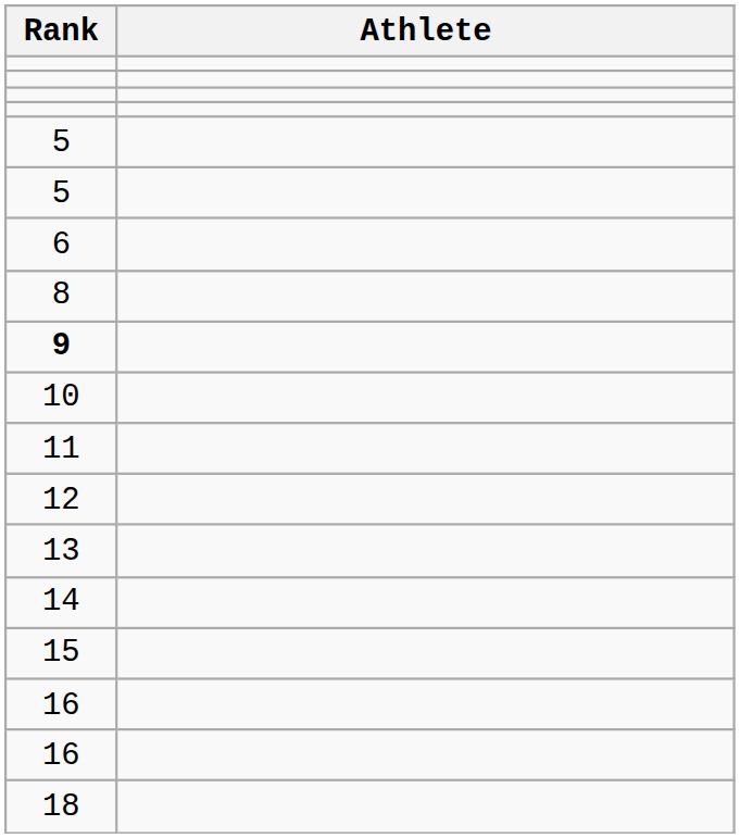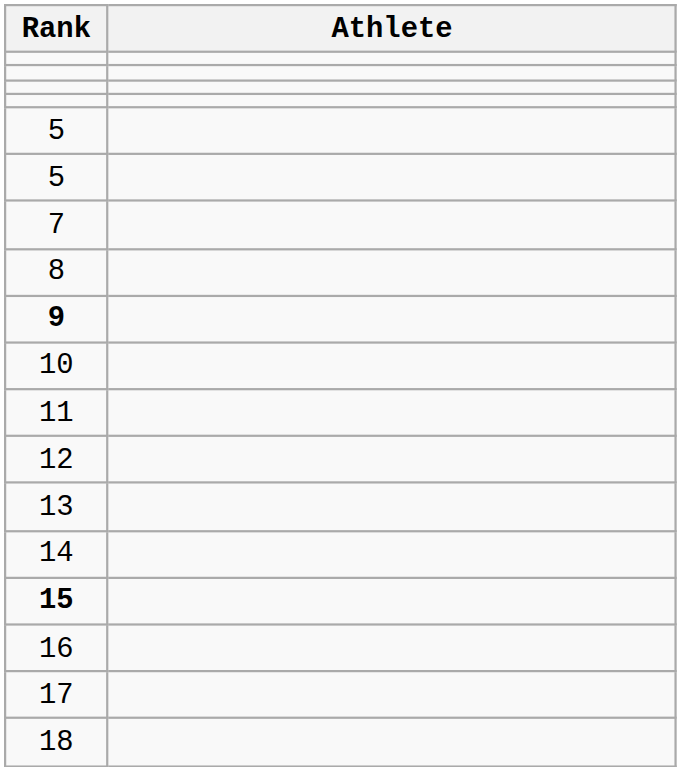 <table class="wikitable" style="text-align: center;">
 <tr>
 <th width=40>Rank</th>
 <th width=250>Athlete</th>
 </tr>
 <tr>
 <td></td>
 <td align="left"></td>
 </tr>
 <tr>
 <td></td>
 <td align="left"></td>
 </tr>
 <tr>
 <td></td>
 <td align="left"></td>
 </tr>
 <tr>
 <td></td>
 <td align="left"></td>
 </tr>
 <tr>
 <td>5</td>
 <td align="left"></td>
 </tr>
 <tr>
 <td>5</td>
 <td align="left"></td>
 </tr>
 <tr>
-<td>6</td>
+<td>7</td>
 <td align="left"></td>
 </tr>
 <tr>
 <td>8</td>
 <td align="left"></td>
 </tr>
 <tr>
 <td><strong>9</strong></td>
 <td align="left"></td>
 </tr>
 <tr>
 <td>10</td>
 <td align="left"></td>
 </tr>
 <tr>
 <td>11</td>
 <td align="left"></td>
 </tr>
 <tr>
 <td>12</td>
 <td align="left"></td>
 </tr>
 <tr>
 <td>13</td>
 <td align="left"></td>
 </tr>
 <tr>
 <td>14</td>
 <td align="left"></td>
 </tr>
 <tr>
-<td>15</td>
+<td><strong>15</strong></td>
 <td align="left"></td>
 </tr>
 <tr>
 <td>16</td>
 <td align="left"></td>
 </tr>
 <tr>
-<td>16</td>
+<td>17</td>
 <td align="left"></td>
 </tr>
 <tr>
 <td>18</td>
 <td align="left"></td>
 </tr>
 </table>
